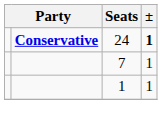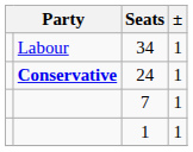 <table class="sortable wikitable">
 <tr>
 <th colspan="2">Party</th>
 <th>Seats</th>
 <th>±</th>
 </tr>
 <tr>
 <td style="background-color: "></td>
+<td><a href='#'>Labour</a></td>
+<td align="center">34</td>
+<td align="center">1</td>
+</tr>
+<tr>
+<td style="background-color: "></td>
 <td><strong><a href='#'>Conservative</a></strong></td>
 <td align="center">24</td>
-<td align="center"><strong>1</strong></td>
+<td align="center">1</td>
 </tr>
 <tr>
 <td style="background-color: "></td>
 <td><a href='#'></a></td>
 <td align="center">7</td>
 <td align="center">1</td>
 </tr>
 <tr>
 <td style="background-color: "></td>
 <td><a href='#'></a></td>
 <td align="center">1</td>
 <td align="center">1</td>
 </tr>
 <tr>
 </tr>
 </table>
